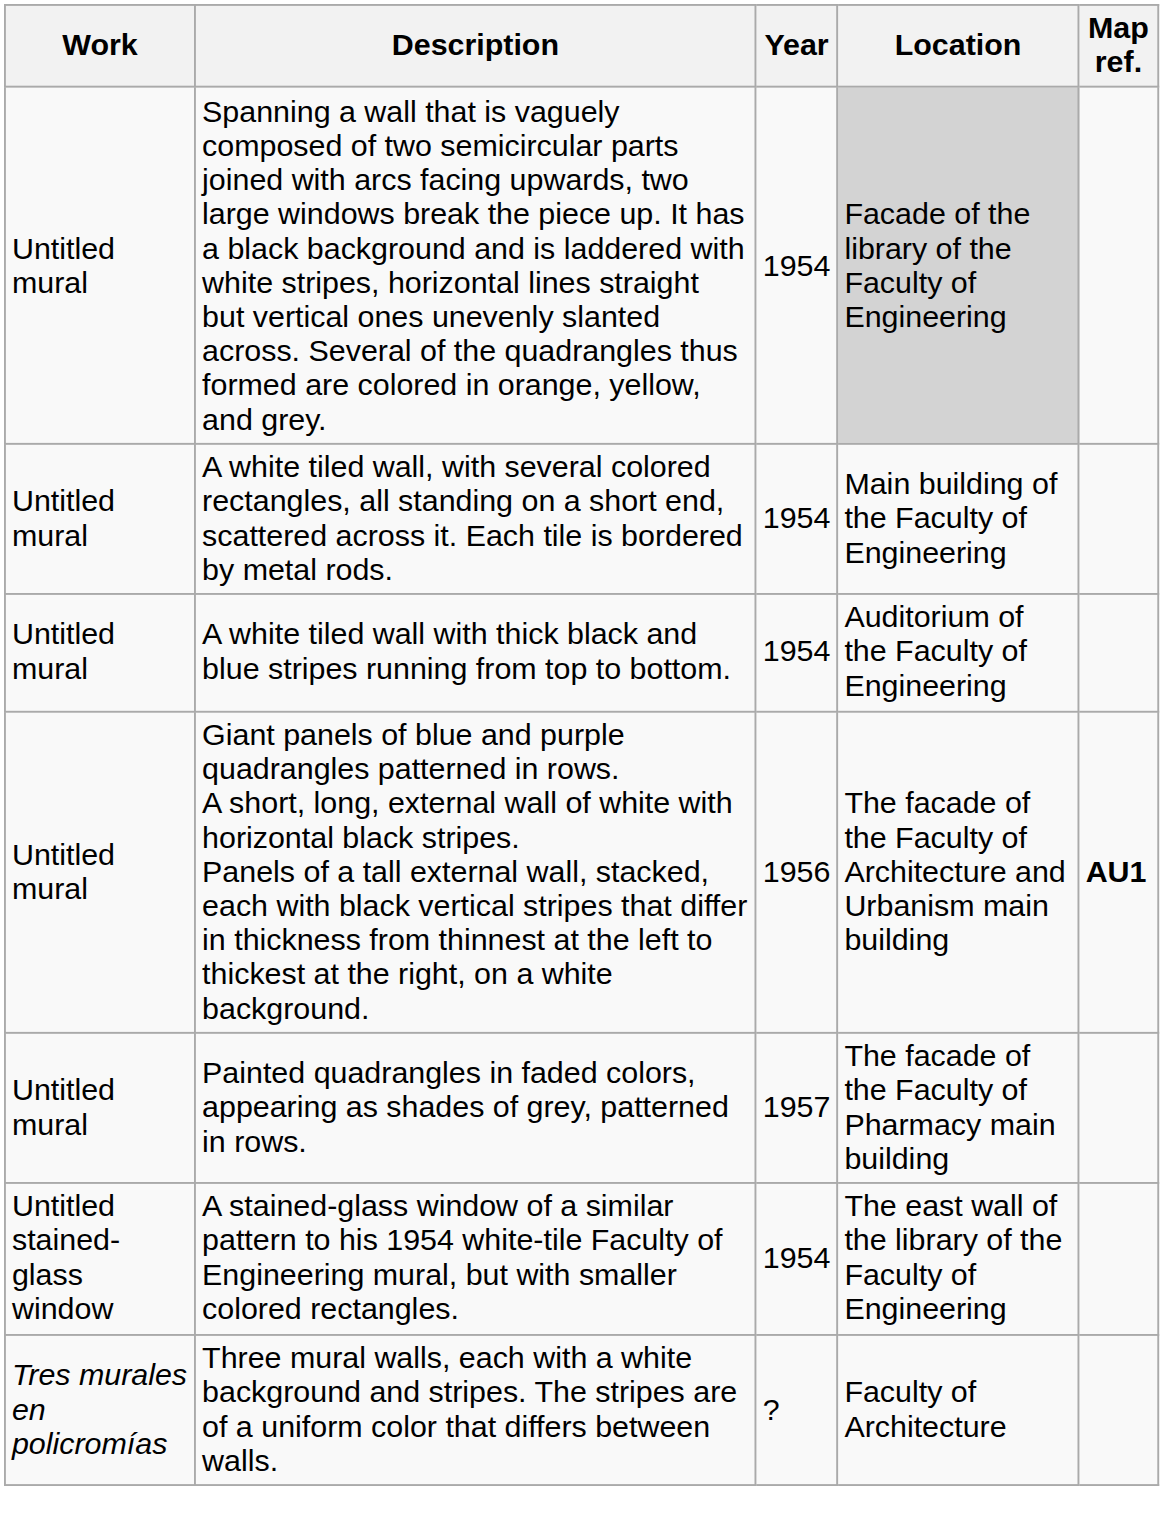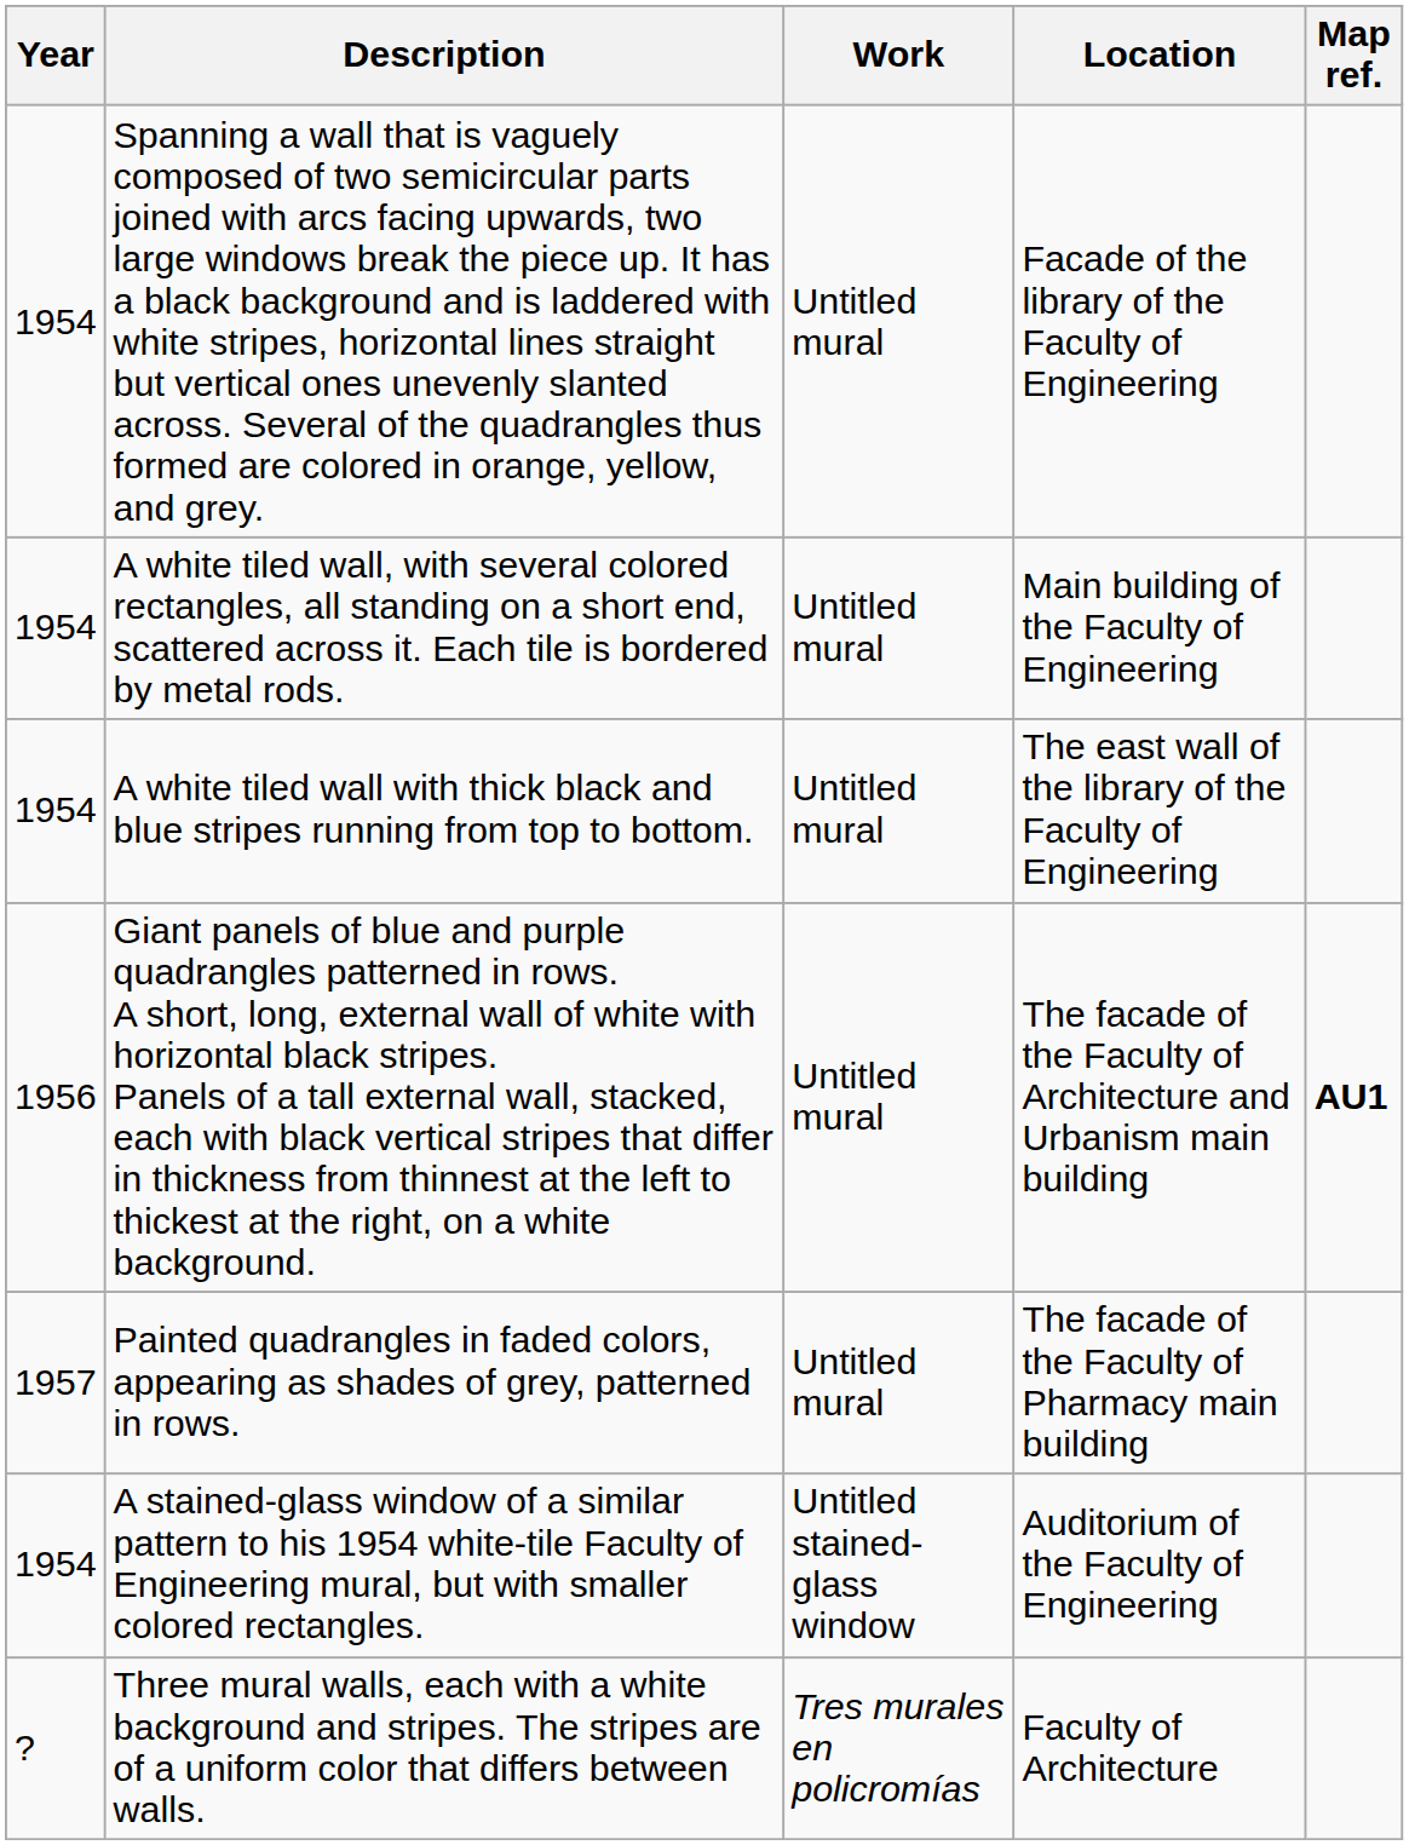 <table class="wikitable mw-collapsible">
 <tr>
+<th>Year</th>
+<th>Description</th>
 <th>Work</th>
-<th>Description</th>
-<th>Year</th>
 <th>Location</th>
 <th>Map ref.</th>
 </tr>
 <tr>
+<td>1954</td>
+<td>Spanning a wall that is vaguely composed of two semicircular parts joined with arcs facing upwards, two large windows break the piece up. It has a black background and is laddered with white stripes, horizontal lines straight but vertical ones unevenly slanted across. Several of the quadrangles thus formed are colored in orange, yellow, and grey.</td>
 <td>Untitled mural</td>
-<td>Spanning a wall that is vaguely composed of two semicircular parts joined with arcs facing upwards, two large windows break the piece up. It has a black background and is laddered with white stripes, horizontal lines straight but vertical ones unevenly slanted across. Several of the quadrangles thus formed are colored in orange, yellow, and grey.</td>
-<td>1954</td>
-<td style="background: lightgrey;">Facade of the library of the Faculty of Engineering</td>
+<td>Facade of the library of the Faculty of Engineering</td>
 <td></td>
 </tr>
 <tr>
+<td>1954</td>
+<td>A white tiled wall, with several colored rectangles, all standing on a short end, scattered across it. Each tile is bordered by metal rods.</td>
 <td>Untitled mural</td>
-<td>A white tiled wall, with several colored rectangles, all standing on a short end, scattered across it. Each tile is bordered by metal rods.</td>
-<td>1954</td>
 <td>Main building of the Faculty of Engineering</td>
 <td></td>
 </tr>
 <tr>
+<td>1954</td>
+<td>A white tiled wall with thick black and blue stripes running from top to bottom.</td>
 <td>Untitled mural</td>
-<td>A white tiled wall with thick black and blue stripes running from top to bottom.</td>
+<td>The east wall of the library of the Faculty of Engineering</td>
+<td></td>
+</tr>
+<tr>
+<td>1956</td>
+<td>Giant panels of blue and purple quadrangles patterned in rows.<br>A short, long, external wall of white with horizontal black stripes.<br>Panels of a tall external wall, stacked, each with black vertical stripes that differ in thickness from thinnest at the left to thickest at the right, on a white background.</td>
+<td>Untitled mural</td>
+<td>The facade of the Faculty of Architecture and Urbanism main building</td>
+<td><strong>AU1</strong></td>
+</tr>
+<tr>
+<td>1957</td>
+<td>Painted quadrangles in faded colors, appearing as shades of grey, patterned in rows.</td>
+<td>Untitled mural</td>
+<td>The facade of the Faculty of Pharmacy main building</td>
+<td></td>
+</tr>
+<tr>
 <td>1954</td>
+<td>A stained-glass window of a similar pattern to his 1954 white-tile Faculty of Engineering mural, but with smaller colored rectangles.</td>
+<td>Untitled stained-glass window</td>
 <td>Auditorium of the Faculty of Engineering</td>
 <td></td>
 </tr>
 <tr>
-<td>Untitled mural</td>
-<td>Giant panels of blue and purple quadrangles patterned in rows.<br>A short, long, external wall of white with horizontal black stripes.<br>Panels of a tall external wall, stacked, each with black vertical stripes that differ in thickness from thinnest at the left to thickest at the right, on a white background.</td>
-<td>1956</td>
-<td>The facade of the Faculty of Architecture and Urbanism main building</td>
-<td><strong>AU1</strong></td>
-</tr>
-<tr>
-<td>Untitled mural</td>
-<td>Painted quadrangles in faded colors, appearing as shades of grey, patterned in rows.</td>
-<td>1957</td>
-<td>The facade of the Faculty of Pharmacy main building</td>
-<td></td>
-</tr>
-<tr>
-<td>Untitled stained-glass window</td>
-<td>A stained-glass window of a similar pattern to his 1954 white-tile Faculty of Engineering mural, but with smaller colored rectangles.</td>
-<td>1954</td>
-<td>The east wall of the library of the Faculty of Engineering</td>
-<td></td>
-</tr>
-<tr>
+<td>?</td>
+<td>Three mural walls, each with a white background and stripes. The stripes are of a uniform color that differs between walls.</td>
 <td><em>Tres murales en policromías</em></td>
-<td>Three mural walls, each with a white background and stripes. The stripes are of a uniform color that differs between walls.</td>
-<td>?</td>
 <td>Faculty of Architecture</td>
 <td></td>
 </tr>
 </table>
